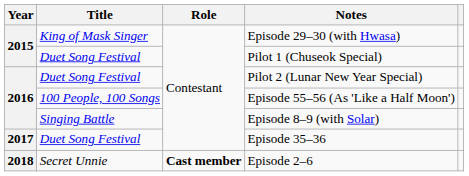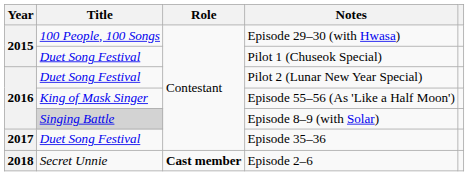 <table class="wikitable plainrowheaders sortable">
 <tr>
 <th scope="col">Year</th>
 <th scope="col">Title</th>
 <th scope="col">Role</th>
 <th scope="col">Notes</th>
 <th scope="col" class="unsortable"></th>
 </tr>
 <tr>
 <th scope="row" rowspan="2">2015</th>
-<td><em><a href='#'>King of Mask Singer</a></em></td>
+<td><em><a href='#'>100 People, 100 Songs</a></em></td>
 <td rowspan="6">Contestant</td>
 <td>Episode 29–30 (with <a href='#'>Hwasa</a>)</td>
 <td style="text-align:center"></td>
 </tr>
 <tr>
 <td><em><a href='#'>Duet Song Festival</a></em></td>
 <td>Pilot 1 (Chuseok Special)</td>
 <td style="text-align:center"></td>
 </tr>
 <tr>
 <th scope="row" rowspan="3">2016</th>
 <td><em><a href='#'>Duet Song Festival</a></em></td>
 <td>Pilot 2 (Lunar New Year Special)</td>
 <td style="text-align:center"></td>
 </tr>
 <tr>
-<td><em><a href='#'>100 People, 100 Songs</a></em></td>
+<td><em><a href='#'>King of Mask Singer</a></em></td>
 <td>Episode 55–56 (As 'Like a Half Moon')</td>
 <td style="text-align:center"></td>
 </tr>
 <tr>
-<td><em><a href='#'>Singing Battle</a></em></td>
+<td style="background: lightgrey;"><em><a href='#'>Singing Battle</a></em></td>
 <td>Episode 8–9 (with <a href='#'>Solar</a>)</td>
 <td style="text-align:center"></td>
 </tr>
 <tr>
 <th scope="row">2017</th>
 <td><em><a href='#'>Duet Song Festival</a></em></td>
 <td>Episode 35–36</td>
 <td style="text-align:center"></td>
 </tr>
 <tr>
 <th scope="row">2018</th>
 <td><em>Secret Unnie</em></td>
 <td><strong>Cast member</strong></td>
 <td>Episode 2–6</td>
 <td style="text-align:center"></td>
 </tr>
 </table>
